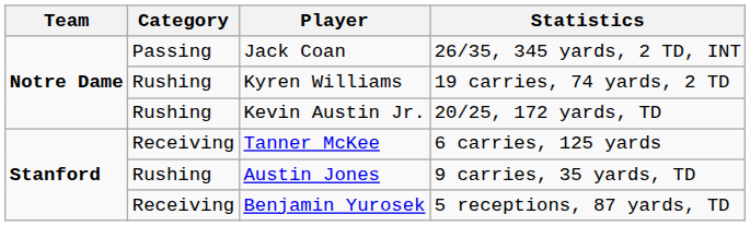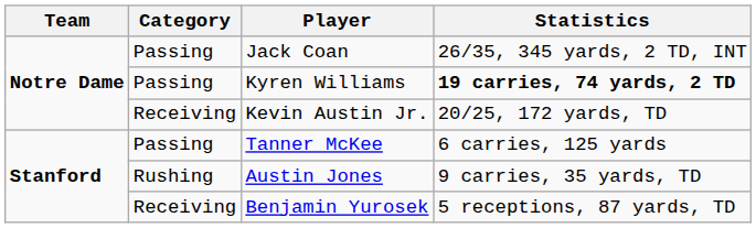 <table class="wikitable" style="float: left;">
 <tr>
 <th>Team</th>
 <th>Category</th>
 <th>Player</th>
 <th>Statistics</th>
 </tr>
 <tr>
 <td rowspan=3><strong>Notre Dame</strong></td>
 <td>Passing</td>
 <td>Jack Coan</td>
 <td>26/35, 345 yards, 2 TD, INT</td>
 </tr>
 <tr>
-<td>Rushing</td>
+<td>Passing</td>
 <td>Kyren Williams</td>
-<td>19 carries, 74 yards, 2 TD</td>
+<td><strong>19 carries, 74 yards, 2 TD</strong></td>
 </tr>
 <tr>
-<td>Rushing</td>
+<td>Receiving</td>
 <td>Kevin Austin Jr.</td>
 <td>20/25, 172 yards, TD</td>
 </tr>
 <tr>
 <td rowspan=3><strong>Stanford</strong></td>
-<td>Receiving</td>
+<td>Passing</td>
 <td><a href='#'>Tanner McKee</a></td>
 <td>6 carries, 125 yards</td>
 </tr>
 <tr>
 <td>Rushing</td>
 <td><a href='#'>Austin Jones</a></td>
 <td>9 carries, 35 yards, TD</td>
 </tr>
 <tr>
 <td>Receiving</td>
 <td><a href='#'>Benjamin Yurosek</a></td>
 <td>5 receptions, 87 yards, TD</td>
 </tr>
 </table>
